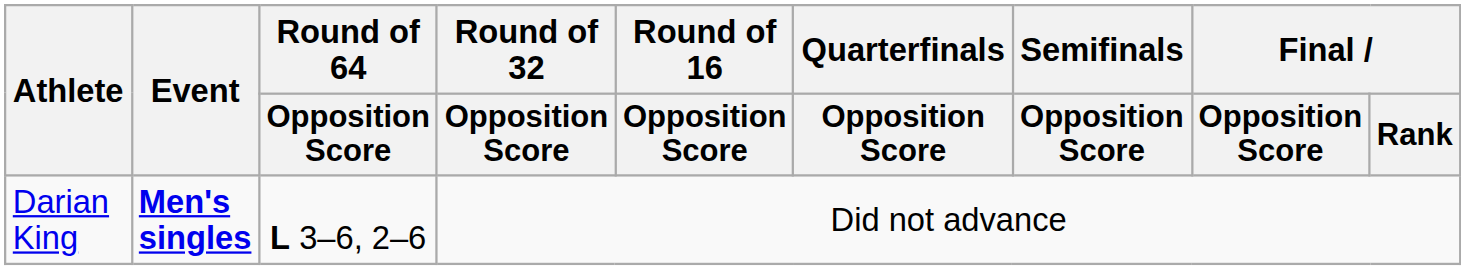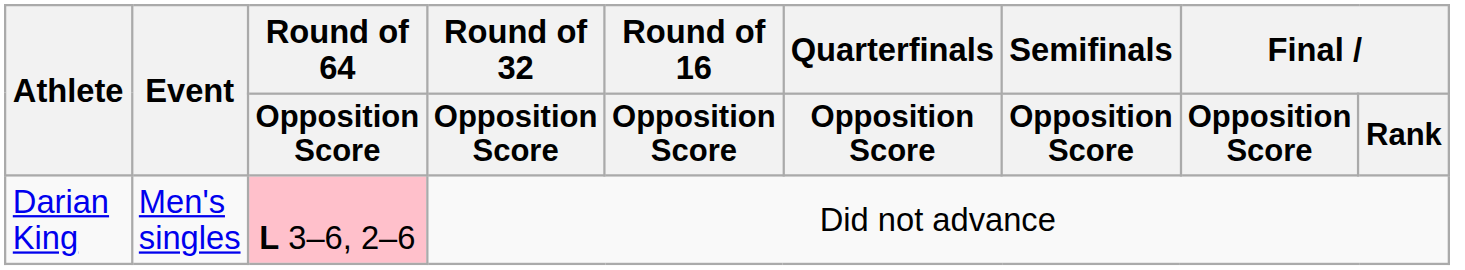 <table class=wikitable style="font-size:90%">
 <tr>
 <th rowspan="2">Athlete</th>
 <th rowspan="2">Event</th>
 <th>Round of 64</th>
 <th>Round of 32</th>
 <th>Round of 16</th>
 <th>Quarterfinals</th>
 <th>Semifinals</th>
 <th colspan=2>Final / </th>
 </tr>
 <tr style="font-size:95%">
 <th>Opposition<br>Score</th>
 <th>Opposition<br>Score</th>
 <th>Opposition<br>Score</th>
 <th>Opposition<br>Score</th>
 <th>Opposition<br>Score</th>
 <th>Opposition<br>Score</th>
 <th>Rank</th>
 </tr>
 <tr align=center>
 <td align=left><a href='#'>Darian King</a></td>
-<td align=left><strong><a href='#'>Men's singles</a></strong></td>
-<td><br><strong>L</strong> 3–6, 2–6</td>
+<td align=left><a href='#'>Men's singles</a></td>
+<td style="background: pink;"><br><strong>L</strong> 3–6, 2–6</td>
 <td colspan=6>Did not advance</td>
 </tr>
 </table>
